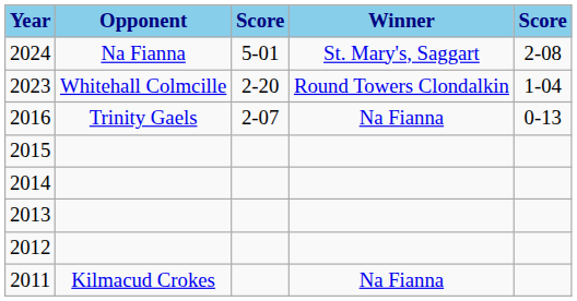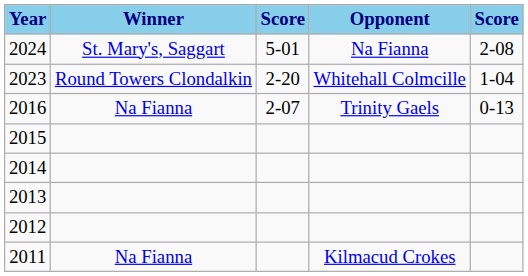 <table class="wikitable" style="text-align:center;">
 <tr>
 <th style="background:skyblue;color:navy;">Year</th>
+<th style="background:skyblue;color:navy;">Winner</th>
+<th style="background:skyblue;color:navy;">Score</th>
 <th style="background:skyblue;color:navy;">Opponent</th>
-<th style="background:skyblue;color:navy;">Score</th>
-<th style="background:skyblue;color:navy;">Winner</th>
 <th style="background:skyblue;color:navy;">Score</th>
 </tr>
 <tr>
 <td>2024</td>
+<td><a href='#'>St. Mary's, Saggart</a></td>
+<td>5-01</td>
 <td><a href='#'>Na Fianna</a></td>
-<td>5-01</td>
-<td><a href='#'>St. Mary's, Saggart</a></td>
 <td>2-08</td>
 </tr>
 <tr>
 <td>2023</td>
+<td><a href='#'>Round Towers Clondalkin</a></td>
+<td>2-20</td>
 <td><a href='#'>Whitehall Colmcille</a></td>
-<td>2-20</td>
-<td><a href='#'>Round Towers Clondalkin</a></td>
 <td>1-04</td>
 </tr>
 <tr>
 <td>2016</td>
+<td><a href='#'>Na Fianna</a></td>
+<td>2-07</td>
 <td><a href='#'>Trinity Gaels</a></td>
-<td>2-07</td>
-<td><a href='#'>Na Fianna</a></td>
 <td>0-13</td>
 </tr>
 <tr>
 <td>2015</td>
 <td></td>
 <td></td>
 <td></td>
 <td></td>
 </tr>
 <tr>
 <td>2014</td>
 <td></td>
 <td></td>
 <td></td>
 <td></td>
 </tr>
 <tr>
 <td>2013</td>
 <td></td>
 <td></td>
 <td></td>
 <td></td>
 </tr>
 <tr>
 <td>2012</td>
 <td></td>
 <td></td>
 <td></td>
 <td></td>
 </tr>
 <tr>
 <td>2011</td>
+<td><a href='#'>Na Fianna</a></td>
+<td></td>
 <td><a href='#'>Kilmacud Crokes</a></td>
-<td></td>
-<td><a href='#'>Na Fianna</a></td>
 <td></td>
 </tr>
 </table>
